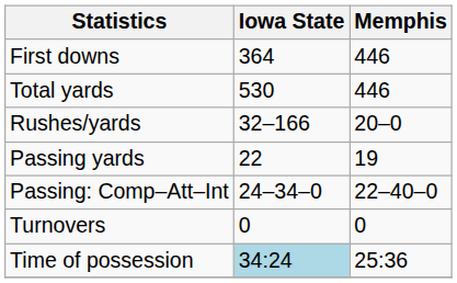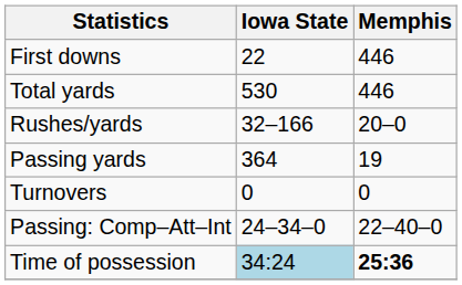 <table class="wikitable" style="float: left;">
 <tr>
 <th>Statistics</th>
 <th>Iowa State</th>
 <th>Memphis</th>
 </tr>
 <tr>
 <td>First downs</td>
-<td>364</td>
+<td>22</td>
 <td>446</td>
 </tr>
 <tr>
 <td>Total yards</td>
 <td>530</td>
 <td>446</td>
 </tr>
 <tr>
 <td>Rushes/yards</td>
 <td>32–166</td>
 <td>20–0</td>
 </tr>
 <tr>
 <td>Passing yards</td>
-<td>22</td>
+<td>364</td>
 <td>19</td>
+</tr>
+<tr>
+<td>Turnovers</td>
+<td>0</td>
+<td>0</td>
 </tr>
 <tr>
 <td>Passing: Comp–Att–Int</td>
 <td>24–34–0</td>
 <td>22–40–0</td>
 </tr>
 <tr>
-<td>Turnovers</td>
-<td>0</td>
-<td>0</td>
-</tr>
-<tr>
 <td>Time of possession</td>
 <td style="background: lightblue;">34:24</td>
-<td>25:36</td>
+<td><strong>25:36</strong></td>
 </tr>
 <tr>
 </tr>
 </table>
